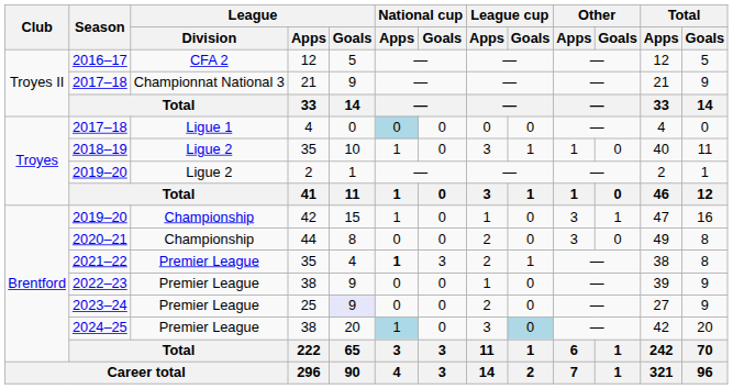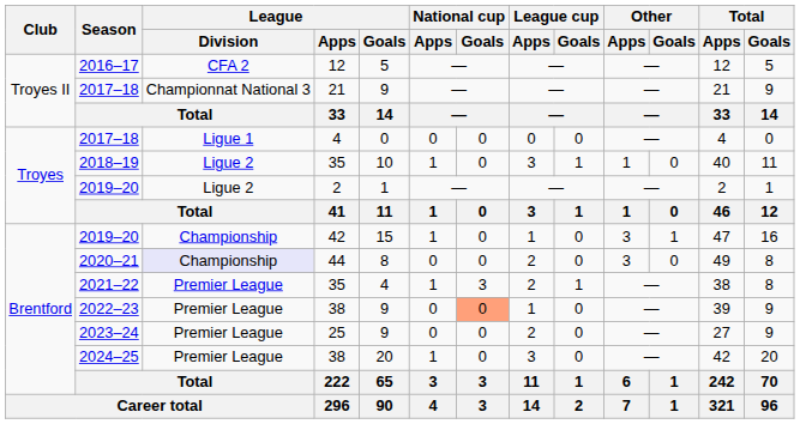 <table class="wikitable" style="text-align: center">
 <tr>
 <th rowspan="2">Club</th>
 <th rowspan="2">Season</th>
 <th colspan="3">League</th>
 <th colspan="2">National cup</th>
 <th colspan="2">League cup</th>
 <th colspan="2">Other</th>
 <th colspan="2">Total</th>
 </tr>
 <tr>
 <th>Division</th>
 <th>Apps</th>
 <th>Goals</th>
 <th>Apps</th>
 <th>Goals</th>
 <th>Apps</th>
 <th>Goals</th>
 <th>Apps</th>
 <th>Goals</th>
 <th>Apps</th>
 <th>Goals</th>
 </tr>
 <tr>
 <td rowspan="3">Troyes II</td>
 <td><a href='#'>2016–17</a></td>
 <td><a href='#'>CFA 2</a></td>
 <td>12</td>
 <td>5</td>
 <td colspan="2">―</td>
 <td colspan="2">―</td>
 <td colspan="2">―</td>
 <td>12</td>
 <td>5</td>
 </tr>
 <tr>
 <td><a href='#'>2017–18</a></td>
 <td>Championnat National 3</td>
 <td>21</td>
 <td>9</td>
 <td colspan="2">―</td>
 <td colspan="2">―</td>
 <td colspan="2">―</td>
 <td>21</td>
 <td>9</td>
 </tr>
 <tr>
 <th colspan="2">Total</th>
 <th>33</th>
 <th>14</th>
 <th colspan="2">―</th>
 <th colspan="2">―</th>
 <th colspan="2">―</th>
 <th>33</th>
 <th>14</th>
 </tr>
 <tr>
 <td rowspan="4"><a href='#'>Troyes</a></td>
 <td><a href='#'>2017–18</a></td>
 <td><a href='#'>Ligue 1</a></td>
 <td>4</td>
 <td>0</td>
-<td style="background: lightblue;">0</td>
+<td>0</td>
 <td>0</td>
 <td>0</td>
 <td>0</td>
 <td colspan="2">―</td>
 <td>4</td>
 <td>0</td>
 </tr>
 <tr>
 <td><a href='#'>2018–19</a></td>
 <td><a href='#'>Ligue 2</a></td>
 <td>35</td>
 <td>10</td>
 <td>1</td>
 <td>0</td>
 <td>3</td>
 <td>1</td>
 <td>1</td>
 <td>0</td>
 <td>40</td>
 <td>11</td>
 </tr>
 <tr>
 <td><a href='#'>2019–20</a></td>
 <td>Ligue 2</td>
 <td>2</td>
 <td>1</td>
 <td colspan="2">―</td>
 <td colspan="2">―</td>
 <td colspan="2">―</td>
 <td>2</td>
 <td>1</td>
 </tr>
 <tr>
 <th colspan="2">Total</th>
 <th>41</th>
 <th>11</th>
 <th>1</th>
 <th>0</th>
 <th>3</th>
 <th>1</th>
 <th>1</th>
 <th>0</th>
 <th>46</th>
 <th>12</th>
 </tr>
 <tr>
 <td rowspan="7"><a href='#'>Brentford</a></td>
 <td><a href='#'>2019–20</a></td>
 <td><a href='#'>Championship</a></td>
 <td>42</td>
 <td>15</td>
 <td>1</td>
 <td>0</td>
 <td>1</td>
 <td>0</td>
 <td>3</td>
 <td>1</td>
 <td>47</td>
 <td>16</td>
 </tr>
 <tr>
 <td><a href='#'>2020–21</a></td>
-<td>Championship</td>
+<td style="background: lavender;">Championship</td>
 <td>44</td>
 <td>8</td>
 <td>0</td>
 <td>0</td>
 <td>2</td>
 <td>0</td>
 <td>3</td>
 <td>0</td>
 <td>49</td>
 <td>8</td>
 </tr>
 <tr>
 <td><a href='#'>2021–22</a></td>
 <td><a href='#'>Premier League</a></td>
 <td>35</td>
 <td>4</td>
-<td><strong>1</strong></td>
+<td>1</td>
 <td>3</td>
 <td>2</td>
 <td>1</td>
 <td colspan="2">―</td>
 <td>38</td>
 <td>8</td>
 </tr>
 <tr>
 <td><a href='#'>2022–23</a></td>
 <td>Premier League</td>
 <td>38</td>
 <td>9</td>
 <td>0</td>
-<td>0</td>
+<td style="background: lightsalmon;">0</td>
 <td>1</td>
 <td>0</td>
 <td colspan="2">―</td>
 <td>39</td>
 <td>9</td>
 </tr>
 <tr>
 <td><a href='#'>2023–24</a></td>
 <td>Premier League</td>
 <td>25</td>
-<td style="background: lavender;">9</td>
+<td>9</td>
 <td>0</td>
 <td>0</td>
 <td>2</td>
 <td>0</td>
 <td colspan="2">―</td>
 <td>27</td>
 <td>9</td>
 </tr>
 <tr>
 <td><a href='#'>2024–25</a></td>
 <td>Premier League</td>
 <td>38</td>
 <td>20</td>
-<td style="background: lightblue;">1</td>
+<td>1</td>
 <td>0</td>
 <td>3</td>
-<td style="background: lightblue;">0</td>
+<td>0</td>
 <td colspan="2">―</td>
 <td>42</td>
 <td>20</td>
 </tr>
 <tr>
 <th colspan="2">Total</th>
 <th>222</th>
 <th>65</th>
 <th>3</th>
 <th>3</th>
 <th>11</th>
 <th>1</th>
 <th>6</th>
 <th>1</th>
 <th>242</th>
 <th>70</th>
 </tr>
 <tr>
 <th colspan="3">Career total</th>
 <th>296</th>
 <th>90</th>
 <th>4</th>
 <th>3</th>
 <th>14</th>
 <th>2</th>
 <th>7</th>
 <th>1</th>
 <th>321</th>
 <th>96</th>
 </tr>
 </table>
